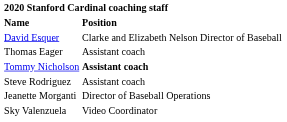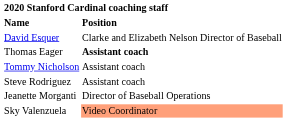 <table class="toccolours" style="text-align: left; font-size:90%;">
 <tr>
 <th colspan="9">2020 Stanford Cardinal coaching staff</th>
 </tr>
 <tr>
 <th>Name</th>
 <th>Position</th>
 </tr>
 <tr>
 <td><a href='#'>David Esquer</a></td>
 <td>Clarke and Elizabeth Nelson Director of Baseball</td>
 </tr>
 <tr>
 <td>Thomas Eager</td>
-<td>Assistant coach</td>
+<td><strong>Assistant coach</strong></td>
 </tr>
 <tr>
 <td><a href='#'>Tommy Nicholson</a></td>
-<td><strong>Assistant coach</strong></td>
+<td>Assistant coach</td>
 </tr>
 <tr>
 <td>Steve Rodriguez</td>
 <td>Assistant coach</td>
 </tr>
 <tr>
 <td>Jeanette Morganti</td>
 <td>Director of Baseball Operations</td>
 </tr>
 <tr>
 <td>Sky Valenzuela</td>
-<td>Video Coordinator</td>
+<td style="background: lightsalmon;">Video Coordinator</td>
 </tr>
 </table>
